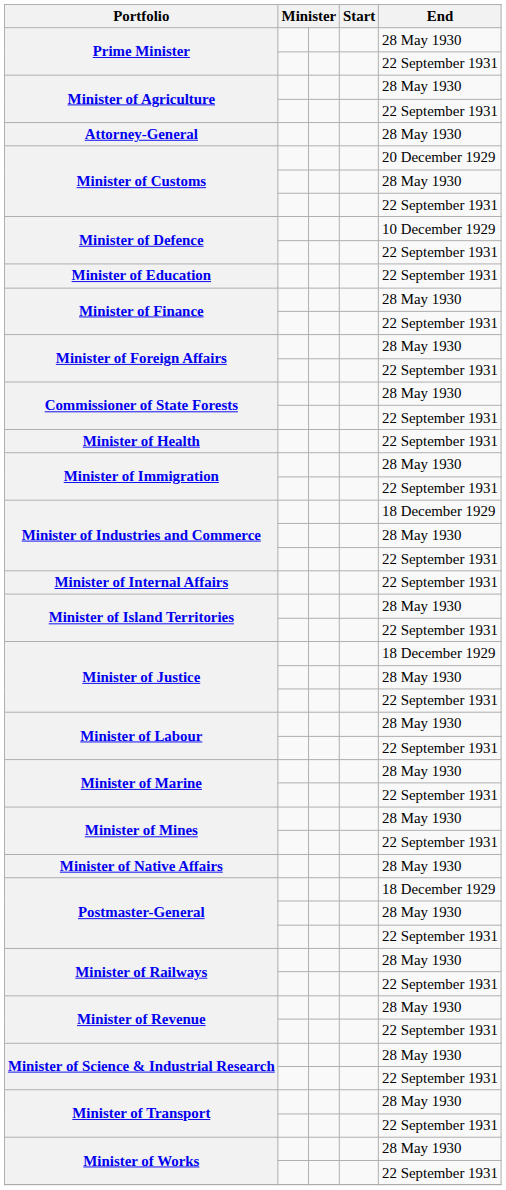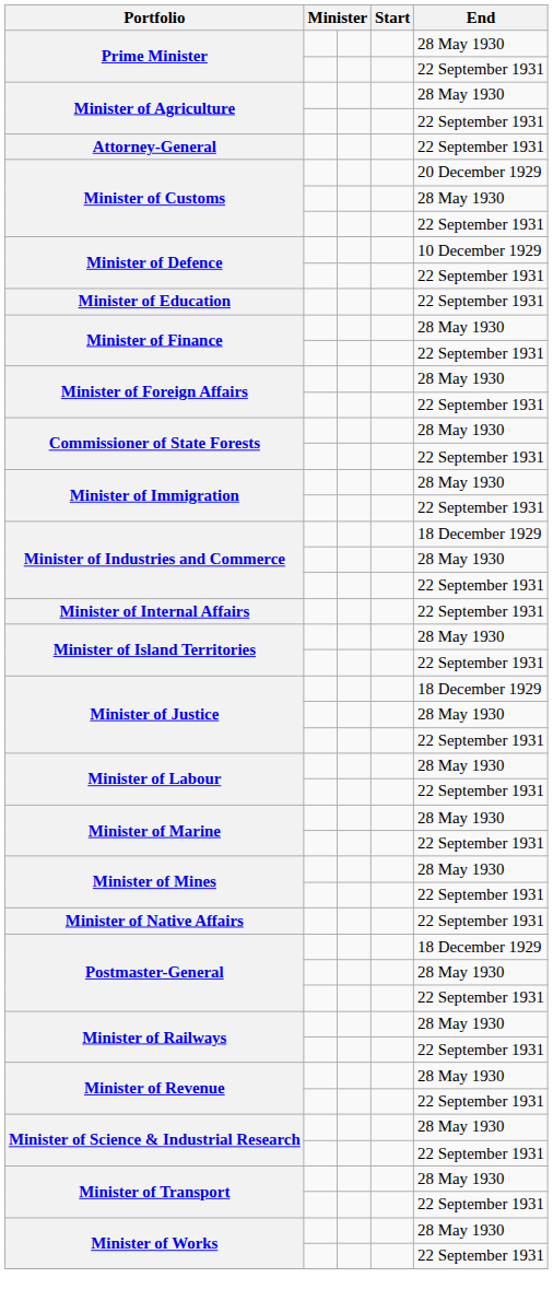 <table class="sortable wikitable">
 <tr>
 <th scope="col">Portfolio</th>
 <th scope="col" colspan="2">Minister</th>
 <th scope="col">Start</th>
 <th scope="col">End</th>
 </tr>
 <tr>
 <th rowspan="2" scope="row"><a href='#'>Prime Minister</a></th>
 <td style="background:"></td>
 <td></td>
 <td></td>
 <td>28 May 1930</td>
 </tr>
 <tr>
 <td style="background:"></td>
 <td></td>
 <td></td>
 <td>22 September 1931</td>
 </tr>
 <tr>
 <th rowspan="2" scope="row"><a href='#'>Minister of Agriculture</a></th>
 <td style="background:"></td>
 <td></td>
 <td></td>
 <td>28 May 1930</td>
 </tr>
 <tr>
 <td style="background:"></td>
 <td></td>
 <td></td>
 <td>22 September 1931</td>
 </tr>
 <tr>
 <th scope="row"><a href='#'>Attorney-General</a></th>
 <td style="background:"></td>
 <td></td>
 <td></td>
-<td>28 May 1930</td>
+<td>22 September 1931</td>
 </tr>
 <tr>
 <th rowspan="3" scope="row"><a href='#'>Minister of Customs</a></th>
 <td style="background:"></td>
 <td></td>
 <td></td>
 <td>20 December 1929</td>
 </tr>
 <tr>
 <td style="background:"></td>
 <td></td>
 <td></td>
 <td>28 May 1930</td>
 </tr>
 <tr>
 <td style="background:"></td>
 <td></td>
 <td></td>
 <td>22 September 1931</td>
 </tr>
 <tr>
 <th rowspan="2" scope="row"><a href='#'>Minister of Defence</a></th>
 <td style="background:"></td>
 <td></td>
 <td></td>
 <td>10 December 1929</td>
 </tr>
 <tr>
 <td style="background:"></td>
 <td></td>
 <td></td>
 <td>22 September 1931</td>
 </tr>
 <tr>
 <th scope="row"><a href='#'>Minister of Education</a></th>
 <td style="background:"></td>
 <td></td>
 <td></td>
 <td>22 September 1931</td>
 </tr>
 <tr>
 <th rowspan="2" scope="row"><a href='#'>Minister of Finance</a></th>
 <td style="background:"></td>
 <td></td>
 <td></td>
 <td>28 May 1930</td>
 </tr>
 <tr>
 <td style="background:"></td>
 <td></td>
 <td></td>
 <td>22 September 1931</td>
 </tr>
 <tr>
 <th rowspan="2" scope="row"><a href='#'>Minister of Foreign Affairs</a></th>
 <td style="background:"></td>
 <td></td>
 <td></td>
 <td>28 May 1930</td>
 </tr>
 <tr>
 <td style="background:"></td>
 <td></td>
 <td></td>
 <td>22 September 1931</td>
 </tr>
 <tr>
 <th rowspan="2" scope="row"><a href='#'>Commissioner of State Forests</a></th>
 <td style="background:"></td>
 <td></td>
 <td></td>
 <td>28 May 1930</td>
 </tr>
 <tr>
-<td style="background:"></td>
-<td></td>
-<td></td>
-<td>22 September 1931</td>
-</tr>
-<tr>
-<th scope="row"><a href='#'>Minister of Health</a></th>
 <td style="background:"></td>
 <td></td>
 <td></td>
 <td>22 September 1931</td>
 </tr>
 <tr>
 <th rowspan="2" scope="row"><a href='#'>Minister of Immigration</a></th>
 <td style="background:"></td>
 <td></td>
 <td></td>
 <td>28 May 1930</td>
 </tr>
 <tr>
 <td style="background:"></td>
 <td></td>
 <td></td>
 <td>22 September 1931</td>
 </tr>
 <tr>
 <th rowspan="3" scope="row"><a href='#'>Minister of Industries and Commerce</a></th>
 <td style="background:"></td>
 <td></td>
 <td></td>
 <td>18 December 1929</td>
 </tr>
 <tr>
 <td style="background:"></td>
 <td></td>
 <td></td>
 <td>28 May 1930</td>
 </tr>
 <tr>
 <td style="background:"></td>
 <td></td>
 <td></td>
 <td>22 September 1931</td>
 </tr>
 <tr>
 <th scope="row"><a href='#'>Minister of Internal Affairs</a></th>
 <td style="background:"></td>
 <td></td>
 <td></td>
 <td>22 September 1931</td>
 </tr>
 <tr>
 <th rowspan="2" scope="row"><a href='#'>Minister of Island Territories</a></th>
 <td style="background:"></td>
 <td></td>
 <td></td>
 <td>28 May 1930</td>
 </tr>
 <tr>
 <td style="background:"></td>
 <td></td>
 <td></td>
 <td>22 September 1931</td>
 </tr>
 <tr>
 <th rowspan="3" scope="row"><a href='#'>Minister of Justice</a></th>
 <td style="background:"></td>
 <td></td>
 <td></td>
 <td>18 December 1929</td>
 </tr>
 <tr>
 <td style="background:"></td>
 <td></td>
 <td></td>
 <td>28 May 1930</td>
 </tr>
 <tr>
 <td style="background:"></td>
 <td></td>
 <td></td>
 <td>22 September 1931</td>
 </tr>
 <tr>
 <th rowspan="2" scope="row"><a href='#'>Minister of Labour</a></th>
 <td style="background:"></td>
 <td></td>
 <td></td>
 <td>28 May 1930</td>
 </tr>
 <tr>
 <td style="background:"></td>
 <td></td>
 <td></td>
 <td>22 September 1931</td>
 </tr>
 <tr>
 <th rowspan="2" scope="row"><a href='#'>Minister of Marine</a></th>
 <td style="background:"></td>
 <td></td>
 <td></td>
 <td>28 May 1930</td>
 </tr>
 <tr>
 <td style="background:"></td>
 <td></td>
 <td></td>
 <td>22 September 1931</td>
 </tr>
 <tr>
 <th rowspan="2" scope="row"><a href='#'>Minister of Mines</a></th>
 <td style="background:"></td>
 <td></td>
 <td></td>
 <td>28 May 1930</td>
 </tr>
 <tr>
 <td style="background:"></td>
 <td></td>
 <td></td>
 <td>22 September 1931</td>
 </tr>
 <tr>
 <th scope="row"><a href='#'>Minister of Native Affairs</a></th>
 <td style="background:"></td>
 <td></td>
 <td></td>
-<td>28 May 1930</td>
+<td>22 September 1931</td>
 </tr>
 <tr>
 <th rowspan="3" scope="row"><a href='#'>Postmaster-General</a></th>
 <td style="background:"></td>
 <td></td>
 <td></td>
 <td>18 December 1929</td>
 </tr>
 <tr>
 <td style="background:"></td>
 <td></td>
 <td></td>
 <td>28 May 1930</td>
 </tr>
 <tr>
 <td style="background:"></td>
 <td></td>
 <td></td>
 <td>22 September 1931</td>
 </tr>
 <tr>
 <th rowspan="2" scope="row"><a href='#'>Minister of Railways</a></th>
 <td style="background:"></td>
 <td></td>
 <td></td>
 <td>28 May 1930</td>
 </tr>
 <tr>
 <td style="background:"></td>
 <td></td>
 <td></td>
 <td>22 September 1931</td>
 </tr>
 <tr>
 <th rowspan="2" scope="row"><a href='#'>Minister of Revenue</a></th>
 <td style="background:"></td>
 <td></td>
 <td></td>
 <td>28 May 1930</td>
 </tr>
 <tr>
 <td style="background:"></td>
 <td></td>
 <td></td>
 <td>22 September 1931</td>
 </tr>
 <tr>
 <th rowspan="2" scope="row"><a href='#'>Minister of Science & Industrial Research</a></th>
 <td style="background:"></td>
 <td></td>
 <td></td>
 <td>28 May 1930</td>
 </tr>
 <tr>
 <td style="background:"></td>
 <td></td>
 <td></td>
 <td>22 September 1931</td>
 </tr>
 <tr>
 <th rowspan="2" scope="row"><a href='#'>Minister of Transport</a></th>
 <td style="background:"></td>
 <td></td>
 <td></td>
 <td>28 May 1930</td>
 </tr>
 <tr>
 <td style="background:"></td>
 <td></td>
 <td></td>
 <td>22 September 1931</td>
 </tr>
 <tr>
 <th rowspan="2" scope="row"><a href='#'>Minister of Works</a></th>
 <td style="background:"></td>
 <td></td>
 <td></td>
 <td>28 May 1930</td>
 </tr>
 <tr>
 <td style="background:"></td>
 <td></td>
 <td></td>
 <td>22 September 1931</td>
 </tr>
 <tr>
 </tr>
 </table>
